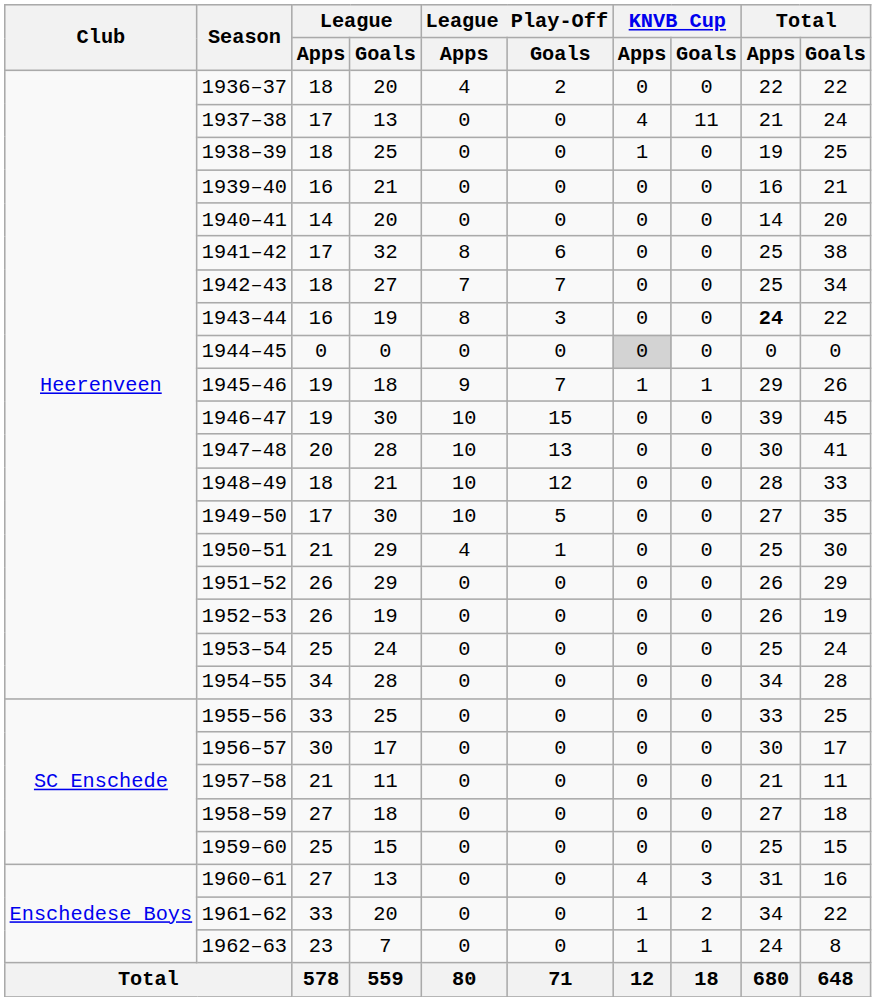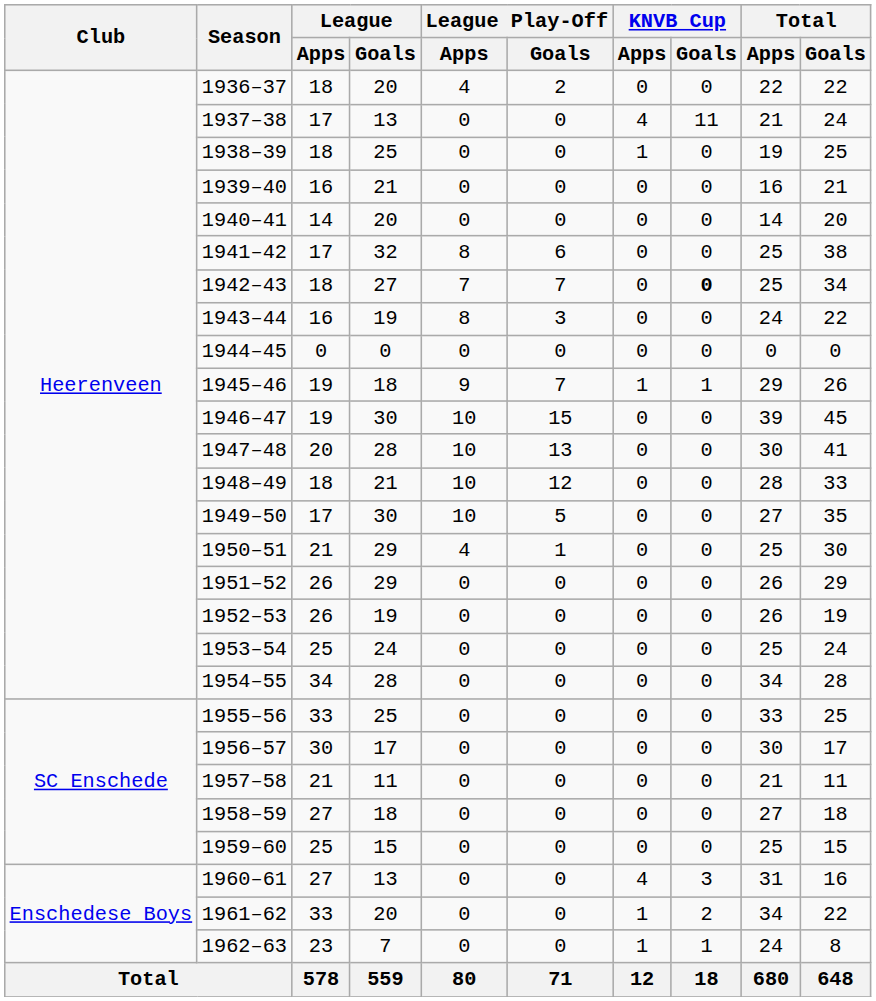 <table class="wikitable" style="font-size:100%; text-align: center;">
 <tr>
 <th rowspan="2">Club</th>
 <th rowspan="2">Season</th>
 <th colspan="2">League</th>
 <th colspan="2">League Play-Off</th>
 <th colspan="2"><a href='#'>KNVB Cup</a></th>
 <th colspan="2">Total</th>
 </tr>
 <tr>
 <th>Apps</th>
 <th>Goals</th>
 <th>Apps</th>
 <th>Goals</th>
 <th>Apps</th>
 <th>Goals</th>
 <th>Apps</th>
 <th>Goals</th>
 </tr>
 <tr>
 <td rowspan="19"><a href='#'>Heerenveen</a></td>
 <td>1936–37</td>
 <td>18</td>
 <td>20</td>
 <td>4</td>
 <td>2</td>
 <td>0</td>
 <td>0</td>
 <td>22</td>
 <td>22</td>
 </tr>
 <tr>
 <td>1937–38</td>
 <td>17</td>
 <td>13</td>
 <td>0</td>
 <td>0</td>
 <td>4</td>
 <td>11</td>
 <td>21</td>
 <td>24</td>
 </tr>
 <tr>
 <td>1938–39</td>
 <td>18</td>
 <td>25</td>
 <td>0</td>
 <td>0</td>
 <td>1</td>
 <td>0</td>
 <td>19</td>
 <td>25</td>
 </tr>
 <tr>
 <td>1939–40</td>
 <td>16</td>
 <td>21</td>
 <td>0</td>
 <td>0</td>
 <td>0</td>
 <td>0</td>
 <td>16</td>
 <td>21</td>
 </tr>
 <tr>
 <td>1940–41</td>
 <td>14</td>
 <td>20</td>
 <td>0</td>
 <td>0</td>
 <td>0</td>
 <td>0</td>
 <td>14</td>
 <td>20</td>
 </tr>
 <tr>
 <td>1941–42</td>
 <td>17</td>
 <td>32</td>
 <td>8</td>
 <td>6</td>
 <td>0</td>
 <td>0</td>
 <td>25</td>
 <td>38</td>
 </tr>
 <tr>
 <td>1942–43</td>
 <td>18</td>
 <td>27</td>
 <td>7</td>
 <td>7</td>
 <td>0</td>
-<td>0</td>
+<td><strong>0</strong></td>
 <td>25</td>
 <td>34</td>
 </tr>
 <tr>
 <td>1943–44</td>
 <td>16</td>
 <td>19</td>
 <td>8</td>
 <td>3</td>
 <td>0</td>
 <td>0</td>
-<td><strong>24</strong></td>
+<td>24</td>
 <td>22</td>
 </tr>
 <tr>
 <td>1944–45</td>
 <td>0</td>
 <td>0</td>
 <td>0</td>
 <td>0</td>
-<td style="background: lightgrey;">0</td>
+<td>0</td>
 <td>0</td>
 <td>0</td>
 <td>0</td>
 </tr>
 <tr>
 <td>1945–46</td>
 <td>19</td>
 <td>18</td>
 <td>9</td>
 <td>7</td>
 <td>1</td>
 <td>1</td>
 <td>29</td>
 <td>26</td>
 </tr>
 <tr>
 <td>1946–47</td>
 <td>19</td>
 <td>30</td>
 <td>10</td>
 <td>15</td>
 <td>0</td>
 <td>0</td>
 <td>39</td>
 <td>45</td>
 </tr>
 <tr>
 <td>1947–48</td>
 <td>20</td>
 <td>28</td>
 <td>10</td>
 <td>13</td>
 <td>0</td>
 <td>0</td>
 <td>30</td>
 <td>41</td>
 </tr>
 <tr>
 <td>1948–49</td>
 <td>18</td>
 <td>21</td>
 <td>10</td>
 <td>12</td>
 <td>0</td>
 <td>0</td>
 <td>28</td>
 <td>33</td>
 </tr>
 <tr>
 <td>1949–50</td>
 <td>17</td>
 <td>30</td>
 <td>10</td>
 <td>5</td>
 <td>0</td>
 <td>0</td>
 <td>27</td>
 <td>35</td>
 </tr>
 <tr>
 <td>1950–51</td>
 <td>21</td>
 <td>29</td>
 <td>4</td>
 <td>1</td>
 <td>0</td>
 <td>0</td>
 <td>25</td>
 <td>30</td>
 </tr>
 <tr>
 <td>1951–52</td>
 <td>26</td>
 <td>29</td>
 <td>0</td>
 <td>0</td>
 <td>0</td>
 <td>0</td>
 <td>26</td>
 <td>29</td>
 </tr>
 <tr>
 <td>1952–53</td>
 <td>26</td>
 <td>19</td>
 <td>0</td>
 <td>0</td>
 <td>0</td>
 <td>0</td>
 <td>26</td>
 <td>19</td>
 </tr>
 <tr>
 <td>1953–54</td>
 <td>25</td>
 <td>24</td>
 <td>0</td>
 <td>0</td>
 <td>0</td>
 <td>0</td>
 <td>25</td>
 <td>24</td>
 </tr>
 <tr>
 <td>1954–55</td>
 <td>34</td>
 <td>28</td>
 <td>0</td>
 <td>0</td>
 <td>0</td>
 <td>0</td>
 <td>34</td>
 <td>28</td>
 </tr>
 <tr>
 <td rowspan="5"><a href='#'>SC Enschede</a></td>
 <td>1955–56</td>
 <td>33</td>
 <td>25</td>
 <td>0</td>
 <td>0</td>
 <td>0</td>
 <td>0</td>
 <td>33</td>
 <td>25</td>
 </tr>
 <tr>
 <td>1956–57</td>
 <td>30</td>
 <td>17</td>
 <td>0</td>
 <td>0</td>
 <td>0</td>
 <td>0</td>
 <td>30</td>
 <td>17</td>
 </tr>
 <tr>
 <td>1957–58</td>
 <td>21</td>
 <td>11</td>
 <td>0</td>
 <td>0</td>
 <td>0</td>
 <td>0</td>
 <td>21</td>
 <td>11</td>
 </tr>
 <tr>
 <td>1958–59</td>
 <td>27</td>
 <td>18</td>
 <td>0</td>
 <td>0</td>
 <td>0</td>
 <td>0</td>
 <td>27</td>
 <td>18</td>
 </tr>
 <tr>
 <td>1959–60</td>
 <td>25</td>
 <td>15</td>
 <td>0</td>
 <td>0</td>
 <td>0</td>
 <td>0</td>
 <td>25</td>
 <td>15</td>
 </tr>
 <tr>
 <td rowspan="3"><a href='#'>Enschedese Boys</a></td>
 <td>1960–61</td>
 <td>27</td>
 <td>13</td>
 <td>0</td>
 <td>0</td>
 <td>4</td>
 <td>3</td>
 <td>31</td>
 <td>16</td>
 </tr>
 <tr>
 <td>1961–62</td>
 <td>33</td>
 <td>20</td>
 <td>0</td>
 <td>0</td>
 <td>1</td>
 <td>2</td>
 <td>34</td>
 <td>22</td>
 </tr>
 <tr>
 <td>1962–63</td>
 <td>23</td>
 <td>7</td>
 <td>0</td>
 <td>0</td>
 <td>1</td>
 <td>1</td>
 <td>24</td>
 <td>8</td>
 </tr>
 <tr>
 <th colspan="2">Total</th>
 <th>578</th>
 <th>559</th>
 <th>80</th>
 <th>71</th>
 <th>12</th>
 <th>18</th>
 <th>680</th>
 <th>648</th>
 </tr>
 </table>
